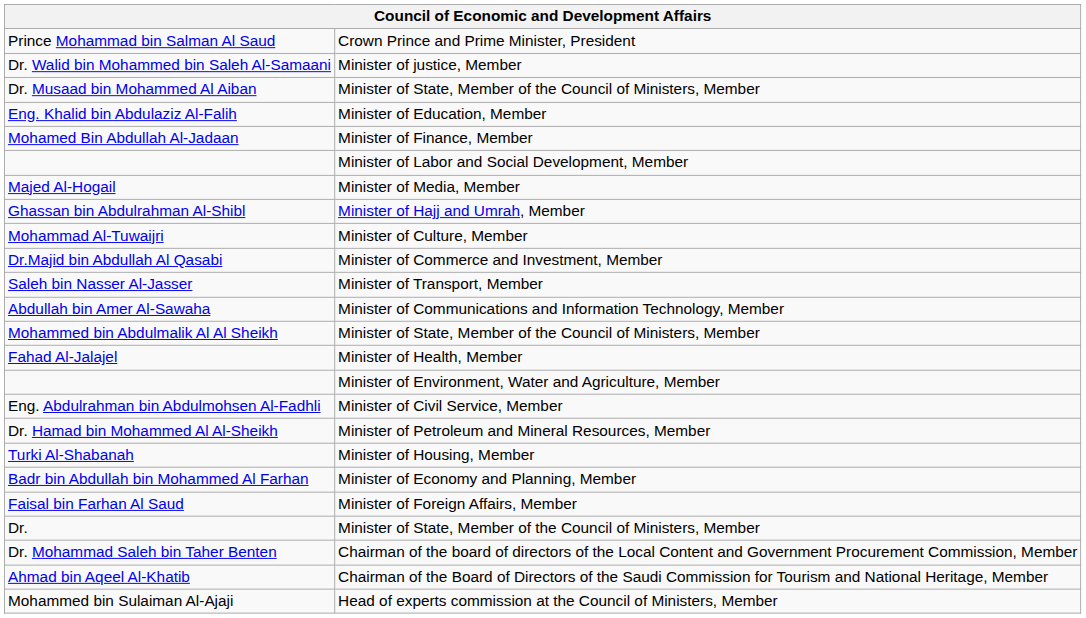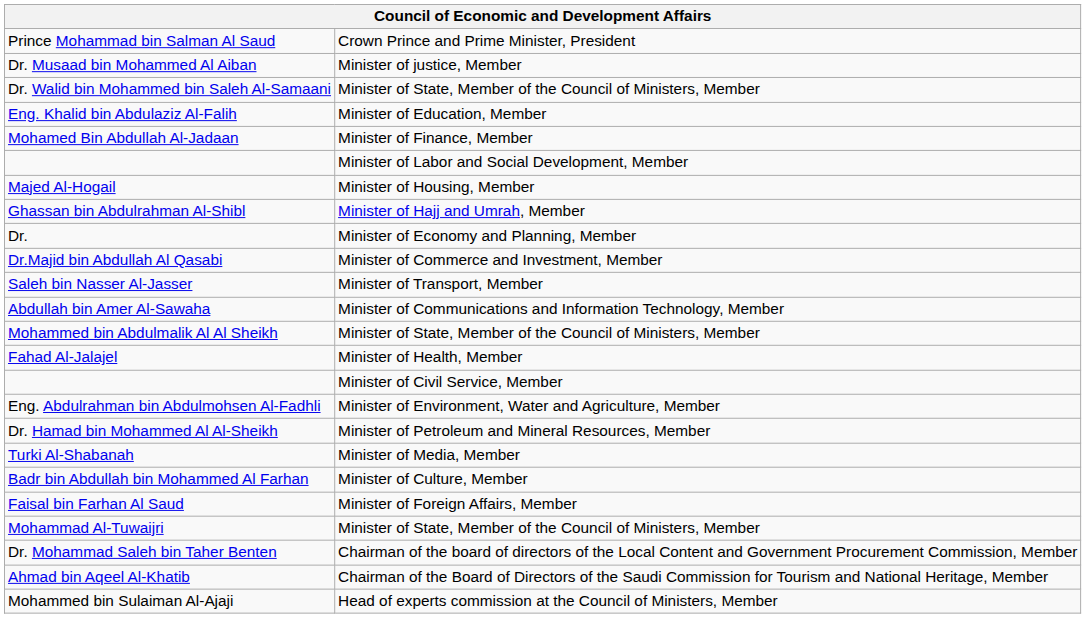 <table class="wikitable">
 <tr>
 <th colspan="2">Council of Economic and Development Affairs</th>
 </tr>
 <tr>
 <td>Prince <a href='#'>Mohammad bin Salman Al Saud</a></td>
 <td>Crown Prince and Prime Minister, President</td>
 </tr>
 <tr>
-<td>Dr. <a href='#'>Walid bin Mohammed bin Saleh Al-Samaani</a></td>
+<td>Dr. <a href='#'>Musaad bin Mohammed Al Aiban</a></td>
 <td>Minister of justice, Member</td>
 </tr>
 <tr>
-<td>Dr. <a href='#'>Musaad bin Mohammed Al Aiban</a></td>
+<td>Dr. <a href='#'>Walid bin Mohammed bin Saleh Al-Samaani</a></td>
 <td>Minister of State, Member of the Council of Ministers, Member</td>
 </tr>
 <tr>
 <td><a href='#'>Eng. Khalid bin Abdulaziz Al-Falih</a></td>
 <td>Minister of Education, Member</td>
 </tr>
 <tr>
 <td><a href='#'>Mohamed Bin Abdullah Al-Jadaan</a></td>
 <td>Minister of Finance, Member</td>
 </tr>
 <tr>
 <td></td>
 <td>Minister of Labor and Social Development, Member</td>
 </tr>
 <tr>
 <td><a href='#'>Majed Al-Hogail</a></td>
-<td>Minister of Media, Member</td>
+<td>Minister of Housing, Member</td>
 </tr>
 <tr>
 <td><a href='#'>Ghassan bin Abdulrahman Al-Shibl</a></td>
 <td><a href='#'>Minister of Hajj and Umrah</a>, Member</td>
 </tr>
 <tr>
-<td><a href='#'>Mohammad Al-Tuwaijri</a></td>
-<td>Minister of Culture, Member</td>
+<td>Dr. </td>
+<td>Minister of Economy and Planning, Member</td>
 </tr>
 <tr>
 <td><a href='#'>Dr.Majid bin Abdullah Al Qasabi</a></td>
 <td>Minister of Commerce and Investment, Member</td>
 </tr>
 <tr>
 <td><a href='#'>Saleh bin Nasser Al-Jasser</a></td>
 <td>Minister of Transport, Member</td>
 </tr>
 <tr>
 <td><a href='#'>Abdullah bin Amer Al-Sawaha</a></td>
 <td>Minister of Communications and Information Technology, Member</td>
 </tr>
 <tr>
 <td><a href='#'>Mohammed bin Abdulmalik Al Al Sheikh</a></td>
 <td>Minister of State, Member of the Council of Ministers, Member</td>
 </tr>
 <tr>
 <td><a href='#'>Fahad Al-Jalajel</a></td>
 <td>Minister of Health, Member</td>
 </tr>
 <tr>
 <td></td>
-<td>Minister of Environment, Water and Agriculture, Member</td>
+<td>Minister of Civil Service, Member</td>
 </tr>
 <tr>
 <td>Eng. <a href='#'>Abdulrahman bin Abdulmohsen Al-Fadhli</a></td>
-<td>Minister of Civil Service, Member</td>
+<td>Minister of Environment, Water and Agriculture, Member</td>
 </tr>
 <tr>
 <td>Dr. <a href='#'>Hamad bin Mohammed Al Al-Sheikh</a></td>
 <td>Minister of Petroleum and Mineral Resources, Member</td>
 </tr>
 <tr>
 <td><a href='#'>Turki Al-Shabanah</a></td>
-<td>Minister of Housing, Member</td>
+<td>Minister of Media, Member</td>
 </tr>
 <tr>
 <td><a href='#'>Badr bin Abdullah bin Mohammed Al Farhan</a></td>
-<td>Minister of Economy and Planning, Member</td>
+<td>Minister of Culture, Member</td>
 </tr>
 <tr>
 <td><a href='#'>Faisal bin Farhan Al Saud</a></td>
 <td>Minister of Foreign Affairs, Member</td>
 </tr>
 <tr>
-<td>Dr. </td>
+<td><a href='#'>Mohammad Al-Tuwaijri</a></td>
 <td>Minister of State, Member of the Council of Ministers, Member</td>
 </tr>
 <tr>
 <td>Dr. <a href='#'>Mohammad Saleh bin Taher Benten</a></td>
 <td>Chairman of the board of directors of the Local Content and Government Procurement Commission, Member</td>
 </tr>
 <tr>
 <td><a href='#'>Ahmad bin Aqeel Al-Khatib</a></td>
 <td>Chairman of the Board of Directors of the Saudi Commission for Tourism and National Heritage, Member</td>
 </tr>
 <tr>
 <td>Mohammed bin Sulaiman Al-Ajaji</td>
 <td>Head of experts commission at the Council of Ministers, Member</td>
 </tr>
 </table>
